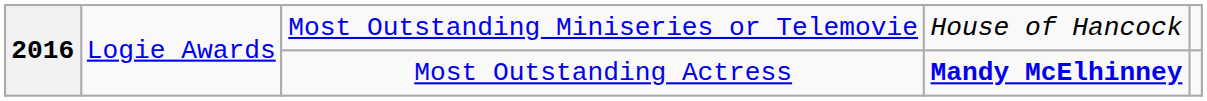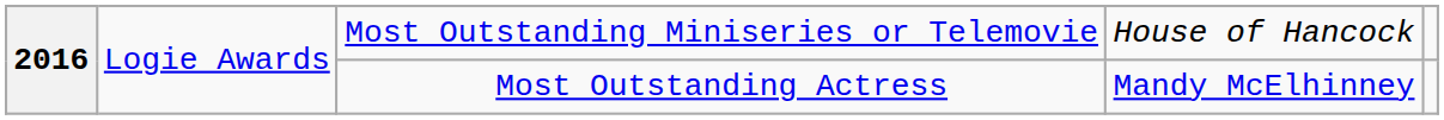 <table class="wikitable sortable" style="text-align:center; font-size:98%; line-height:16px;">
 <tr>
 <th scope="row" rowspan="4">2016</th>
 <td rowspan="4"><a href='#'>Logie Awards</a></td>
 <td><a href='#'>Most Outstanding Miniseries or Telemovie</a></td>
 <td><em>House of Hancock</em></td>
 <td></td>
 </tr>
 <tr>
 <td><a href='#'>Most Outstanding Actress</a></td>
-<td><strong><a href='#'>Mandy McElhinney</a></strong></td>
+<td><a href='#'>Mandy McElhinney</a></td>
 <td></td>
 </tr>
 </table>
